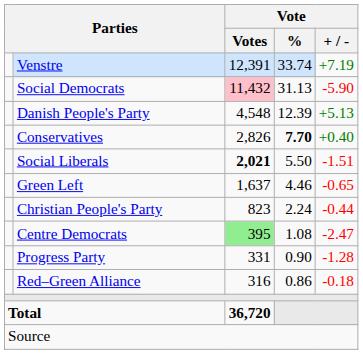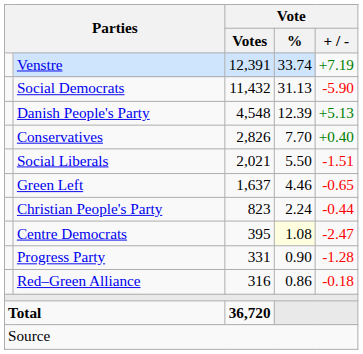 <table class="wikitable" style="text-align:right;">
 <tr>
 <th style="text-align:centre;" rowspan="2" colspan="2" width="225">Parties</th>
 <th colspan="3">Vote</th>
 </tr>
 <tr>
 <th width="15">Votes</th>
 <th width="15">%</th>
 <th width="15">+ / -</th>
 </tr>
 <tr>
 <td width="2" style="color:inherit;background:"></td>
 <td bgcolor=#cfe5fe  align="left"><a href='#'>Venstre</a></td>
 <td bgcolor=#cfe5fe>12,391</td>
 <td bgcolor=#cfe5fe>33.74</td>
 <td style=color:green;>+7.19</td>
 </tr>
 <tr>
 <td width="2" style="color:inherit;background:"></td>
 <td align="left"><a href='#'>Social Democrats</a></td>
-<td style="background: pink;">11,432</td>
+<td>11,432</td>
 <td>31.13</td>
 <td style=color:red;>-5.90</td>
 </tr>
 <tr>
 <td width="2" style="color:inherit;background:"></td>
 <td align="left"><a href='#'>Danish People's Party</a></td>
 <td>4,548</td>
 <td>12.39</td>
 <td style=color:green;>+5.13</td>
 </tr>
 <tr>
 <td width="2" style="color:inherit;background:"></td>
 <td align="left"><a href='#'>Conservatives</a></td>
 <td>2,826</td>
-<td><strong>7.70</strong></td>
+<td>7.70</td>
 <td style=color:green;>+0.40</td>
 </tr>
 <tr>
 <td width="2" style="color:inherit;background:"></td>
 <td align="left"><a href='#'>Social Liberals</a></td>
-<td><strong>2,021</strong></td>
+<td>2,021</td>
 <td>5.50</td>
 <td style=color:red;>-1.51</td>
 </tr>
 <tr>
 <td width="2" style="color:inherit;background:"></td>
 <td align="left"><a href='#'>Green Left</a></td>
 <td>1,637</td>
 <td>4.46</td>
 <td style=color:red;>-0.65</td>
 </tr>
 <tr>
 <td width="2" style="color:inherit;background:"></td>
 <td align="left"><a href='#'>Christian People's Party</a></td>
 <td>823</td>
 <td>2.24</td>
 <td style=color:red;>-0.44</td>
 </tr>
 <tr>
 <td width="2" style="color:inherit;background:"></td>
 <td align="left"><a href='#'>Centre Democrats</a></td>
-<td style="background: lightgreen;">395</td>
-<td>1.08</td>
+<td>395</td>
+<td style="background: lightyellow;">1.08</td>
 <td style=color:red;>-2.47</td>
 </tr>
 <tr>
 <td width="2" style="color:inherit;background:"></td>
 <td align="left"><a href='#'>Progress Party</a></td>
 <td>331</td>
 <td>0.90</td>
 <td style=color:red;>-1.28</td>
 </tr>
 <tr>
 <td width="2" style="color:inherit;background:"></td>
 <td align="left"><a href='#'>Red–Green Alliance</a></td>
 <td>316</td>
 <td>0.86</td>
 <td style=color:red;>-0.18</td>
 </tr>
 <tr>
 <td colspan="7" bgcolor="#E9E9E9"></td>
 </tr>
 <tr>
 <td align="left" colspan="2"><strong>Total</strong></td>
 <td><strong>36,720</strong></td>
 <td bgcolor="#E9E9E9" colspan="2"></td>
 </tr>
 <tr>
 <td align="left" colspan="6">Source</td>
 </tr>
 </table>
